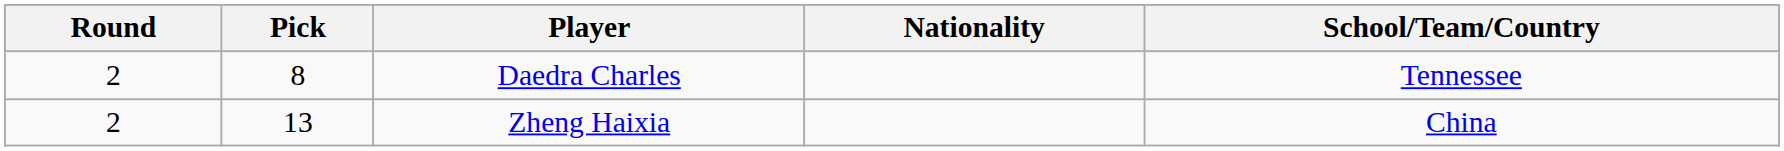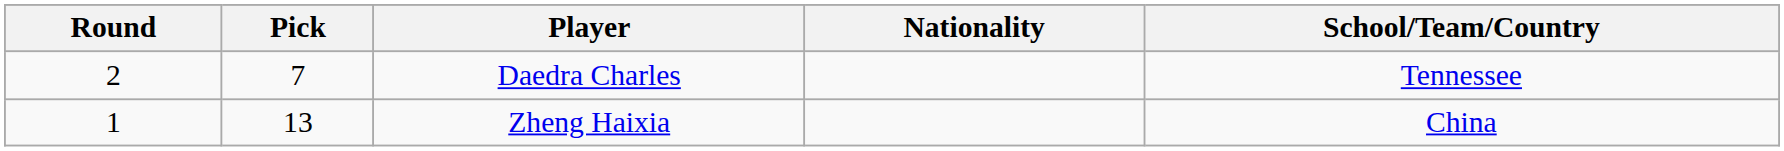 <table class="wikitable" style="text-align:center; width:60em">
 <tr>
 <th>Round</th>
 <th>Pick</th>
 <th>Player</th>
 <th>Nationality</th>
 <th>School/Team/Country</th>
 </tr>
 <tr>
 <td>2</td>
-<td>8</td>
+<td>7</td>
 <td><a href='#'>Daedra Charles</a></td>
 <td></td>
 <td><a href='#'>Tennessee</a></td>
 </tr>
 <tr>
-<td>2</td>
+<td>1</td>
 <td>13</td>
 <td><a href='#'>Zheng Haixia</a></td>
 <td></td>
 <td><a href='#'>China</a></td>
 </tr>
 </table>
